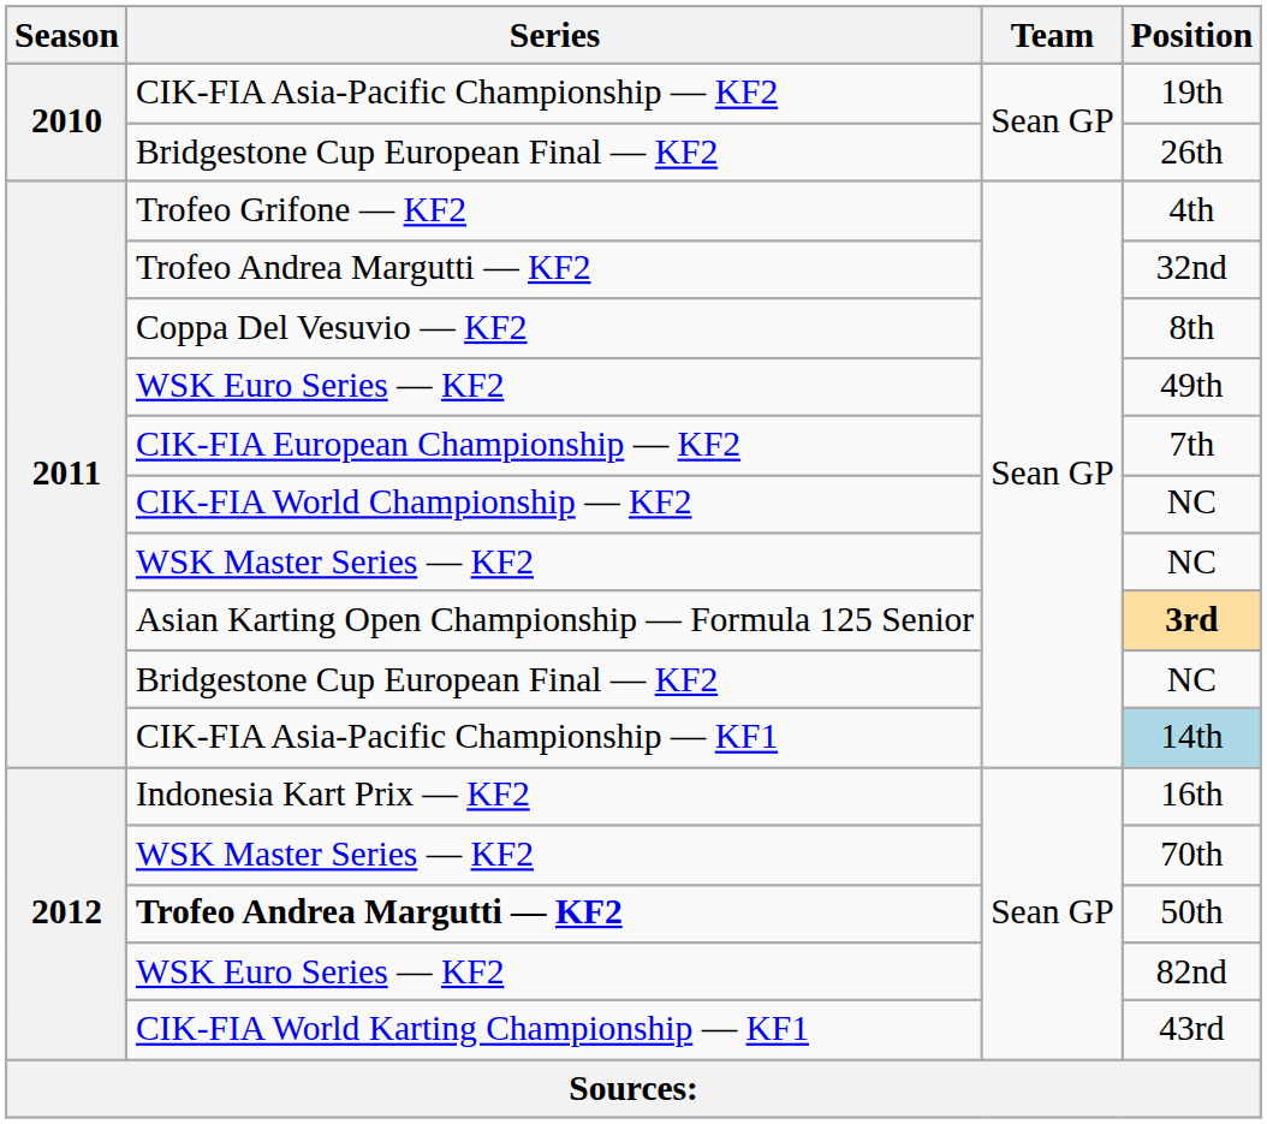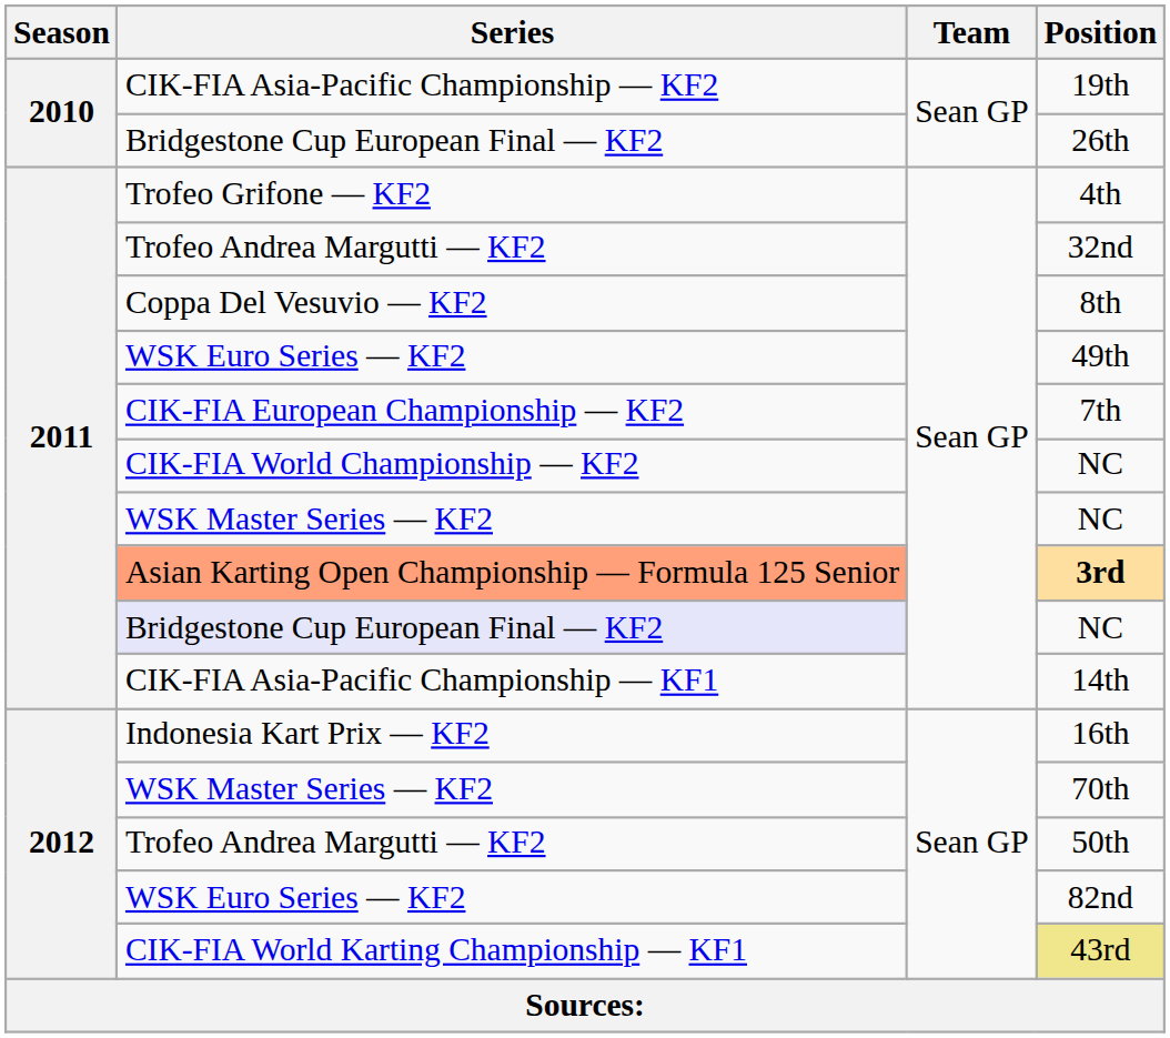 <table class="wikitable" style="font-size: 85%; text-align:center">
 <tr>
 <th>Season</th>
 <th>Series</th>
 <th>Team</th>
 <th>Position</th>
 </tr>
 <tr>
 <th rowspan="2">2010</th>
 <td align="left">CIK-FIA Asia-Pacific Championship — <a href='#'>KF2</a></td>
 <td rowspan="2" align="left">Sean GP</td>
 <td>19th</td>
 </tr>
 <tr>
 <td align="left">Bridgestone Cup European Final — <a href='#'>KF2</a></td>
 <td>26th</td>
 </tr>
 <tr>
 <th rowspan="10">2011</th>
 <td align="left">Trofeo Grifone — <a href='#'>KF2</a></td>
 <td rowspan="10" align="left">Sean GP</td>
 <td>4th</td>
 </tr>
 <tr>
 <td align="left">Trofeo Andrea Margutti — <a href='#'>KF2</a></td>
 <td>32nd</td>
 </tr>
 <tr>
 <td align="left">Coppa Del Vesuvio — <a href='#'>KF2</a></td>
 <td>8th</td>
 </tr>
 <tr>
 <td align="left"><a href='#'>WSK Euro Series</a> — <a href='#'>KF2</a></td>
 <td>49th</td>
 </tr>
 <tr>
 <td align="left"><a href='#'>CIK-FIA European Championship</a> — <a href='#'>KF2</a></td>
 <td>7th</td>
 </tr>
 <tr>
 <td align="left"><a href='#'>CIK-FIA World Championship</a> — <a href='#'>KF2</a></td>
 <td>NC</td>
 </tr>
 <tr>
 <td align="left"><a href='#'>WSK Master Series</a> — <a href='#'>KF2</a></td>
 <td>NC</td>
 </tr>
 <tr>
-<td align="left">Asian Karting Open Championship — Formula 125 Senior</td>
+<td align="left" style="background: lightsalmon;">Asian Karting Open Championship — Formula 125 Senior</td>
 <td style="background:#FFDF9F;"><strong>3rd</strong></td>
 </tr>
 <tr>
-<td align="left">Bridgestone Cup European Final — <a href='#'>KF2</a></td>
+<td align="left" style="background: lavender;">Bridgestone Cup European Final — <a href='#'>KF2</a></td>
 <td>NC</td>
 </tr>
 <tr>
 <td align="left">CIK-FIA Asia-Pacific Championship — <a href='#'>KF1</a></td>
-<td style="background: lightblue;">14th</td>
+<td>14th</td>
 </tr>
 <tr>
 <th rowspan="5">2012</th>
 <td align="left">Indonesia Kart Prix — <a href='#'>KF2</a></td>
 <td rowspan="5" align="left">Sean GP</td>
 <td>16th</td>
 </tr>
 <tr>
 <td align="left"><a href='#'>WSK Master Series</a> — <a href='#'>KF2</a></td>
 <td>70th</td>
 </tr>
 <tr>
-<td align="left"><strong>Trofeo Andrea Margutti — <a href='#'>KF2</a></strong></td>
+<td align="left">Trofeo Andrea Margutti — <a href='#'>KF2</a></td>
 <td>50th</td>
 </tr>
 <tr>
 <td align="left"><a href='#'>WSK Euro Series</a> — <a href='#'>KF2</a></td>
 <td>82nd</td>
 </tr>
 <tr>
 <td align="left"><a href='#'>CIK-FIA World Karting Championship</a> — <a href='#'>KF1</a></td>
-<td>43rd</td>
+<td style="background: khaki;">43rd</td>
 </tr>
 <tr>
 <th colspan="4">Sources:</th>
 </tr>
 </table>
